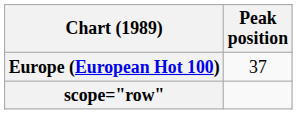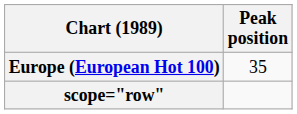 <table class="wikitable sortable plainrowheaders">
 <tr>
 <th>Chart (1989)</th>
 <th>Peak<br>position</th>
 </tr>
 <tr>
 <th scope="row">Europe (<a href='#'>European Hot 100</a>)</th>
-<td align="center">37</td>
+<td align="center">35</td>
 </tr>
 <tr>
 <th>scope="row"</th>
 </tr>
 </table>
